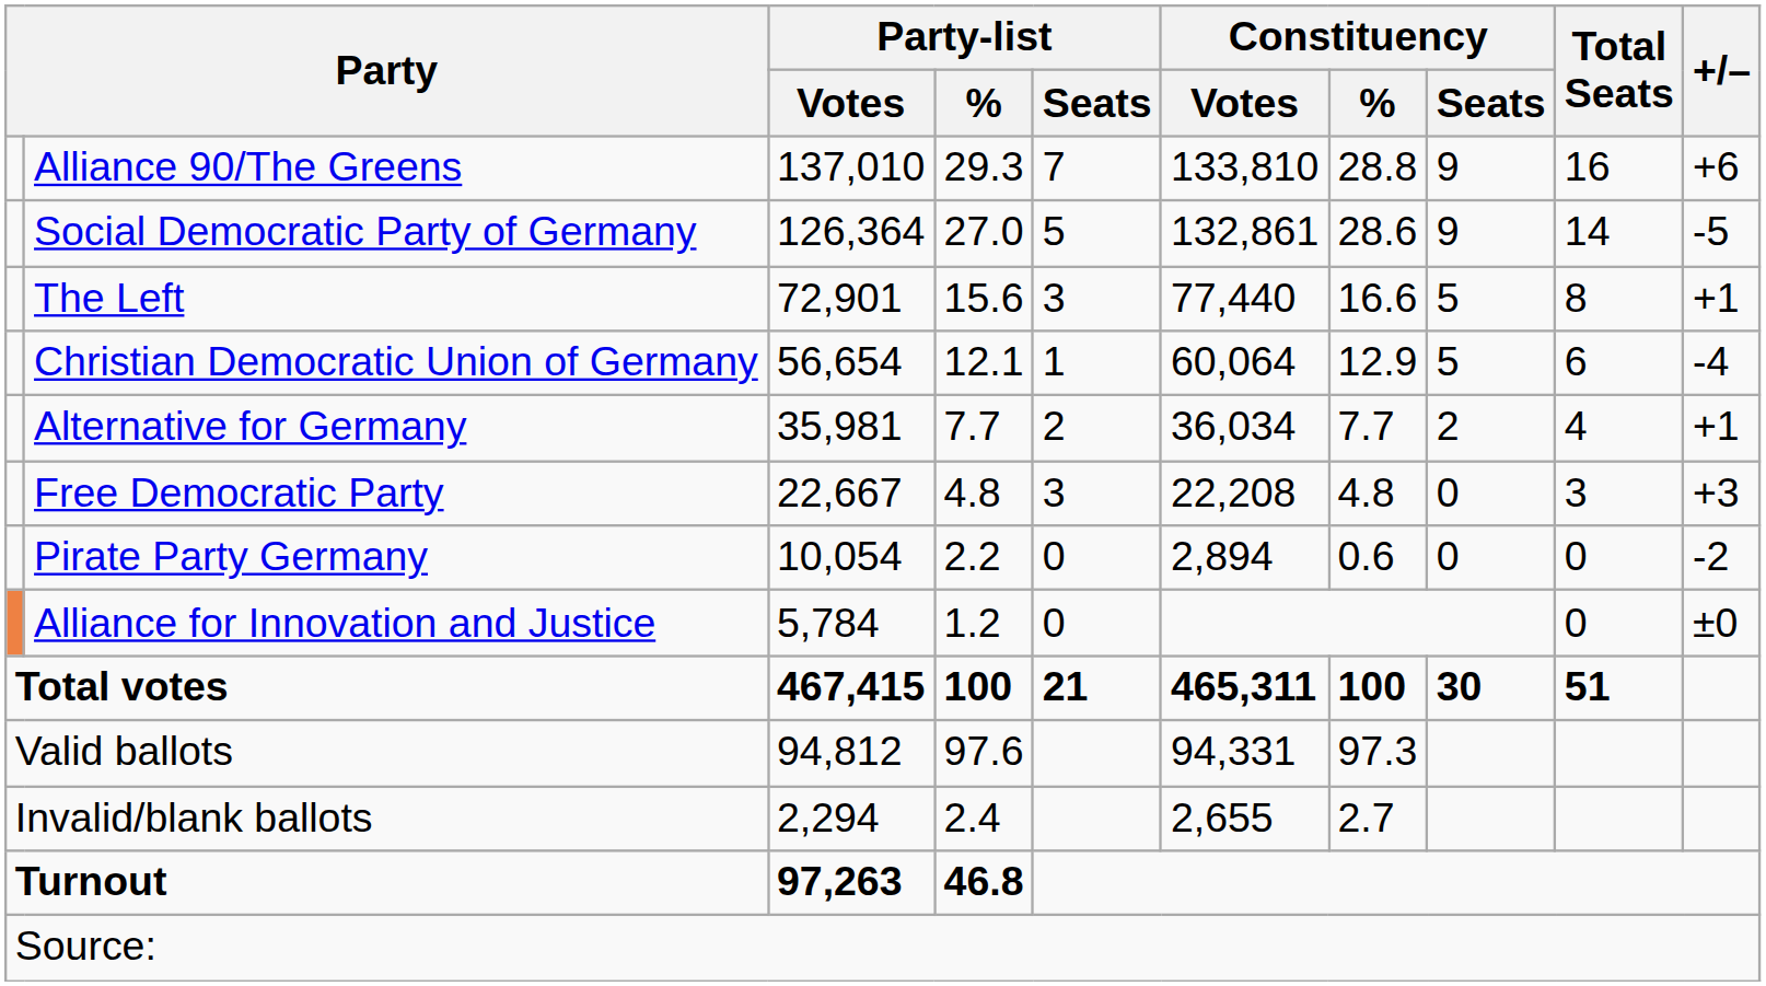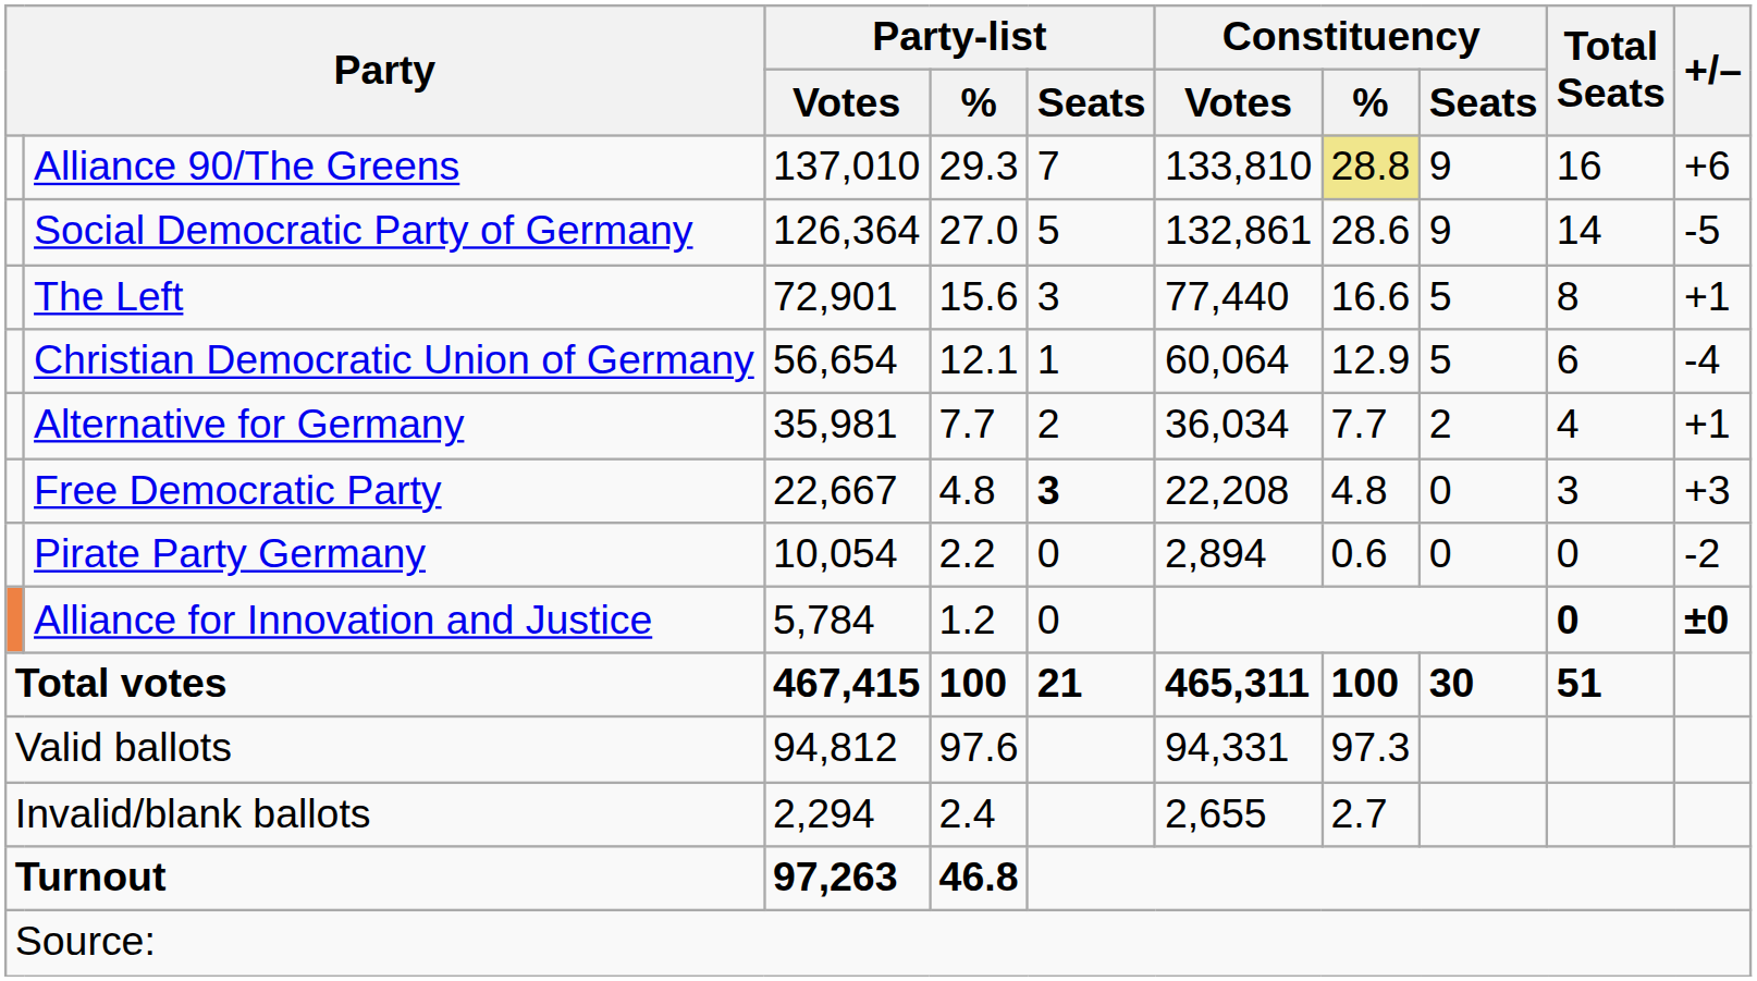 <table class="wikitable">
 <tr>
 <th colspan="2" rowspan="2">Party</th>
 <th colspan="3"><strong>Party-list</strong></th>
 <th colspan="3"><strong>Constituency</strong></th>
 <th rowspan="2">Total<br>Seats</th>
 <th rowspan="2">+/–</th>
 </tr>
 <tr>
 <th>Votes</th>
 <th>%</th>
 <th>Seats</th>
 <th>Votes</th>
 <th>%</th>
 <th>Seats</th>
 </tr>
 <tr>
 <td></td>
 <td><a href='#'>Alliance 90/The Greens</a></td>
 <td>137,010</td>
 <td>29.3</td>
 <td>7</td>
 <td>133,810</td>
-<td>28.8</td>
+<td style="background: khaki;">28.8</td>
 <td>9</td>
 <td>16</td>
 <td>+6</td>
 </tr>
 <tr>
 <td></td>
 <td><a href='#'>Social Democratic Party of Germany</a></td>
 <td>126,364</td>
 <td>27.0</td>
 <td>5</td>
 <td>132,861</td>
 <td>28.6</td>
 <td>9</td>
 <td>14</td>
 <td>-5</td>
 </tr>
 <tr>
 <td></td>
 <td><a href='#'>The Left</a></td>
 <td>72,901</td>
 <td>15.6</td>
 <td>3</td>
 <td>77,440</td>
 <td>16.6</td>
 <td>5</td>
 <td>8</td>
 <td>+1</td>
 </tr>
 <tr>
 <td></td>
 <td><a href='#'>Christian Democratic Union of Germany</a></td>
 <td>56,654</td>
 <td>12.1</td>
 <td>1</td>
 <td>60,064</td>
 <td>12.9</td>
 <td>5</td>
 <td>6</td>
 <td>-4</td>
 </tr>
 <tr>
 <td></td>
 <td><a href='#'>Alternative for Germany</a></td>
 <td>35,981</td>
 <td>7.7</td>
 <td>2</td>
 <td>36,034</td>
 <td>7.7</td>
 <td>2</td>
 <td>4</td>
 <td>+1</td>
 </tr>
 <tr>
 <td></td>
 <td><a href='#'>Free Democratic Party</a></td>
 <td>22,667</td>
 <td>4.8</td>
-<td>3</td>
+<td><strong>3</strong></td>
 <td>22,208</td>
 <td>4.8</td>
 <td>0</td>
 <td>3</td>
 <td>+3</td>
 </tr>
 <tr>
 <td></td>
 <td><a href='#'>Pirate Party Germany</a></td>
 <td>10,054</td>
 <td>2.2</td>
 <td>0</td>
 <td>2,894</td>
 <td>0.6</td>
 <td>0</td>
 <td>0</td>
 <td>-2</td>
 </tr>
 <tr>
 <td bgcolor="#EE8143"></td>
 <td><a href='#'>Alliance for Innovation and Justice</a></td>
 <td>5,784</td>
 <td>1.2</td>
 <td>0</td>
 <td colspan="3"></td>
-<td>0</td>
-<td>±0</td>
+<td><strong>0</strong></td>
+<td><strong>±0</strong></td>
 </tr>
 <tr>
 <td colspan="2"><strong>Total votes</strong></td>
 <td><strong>467,415</strong></td>
 <td><strong>100</strong></td>
 <td><strong>21</strong></td>
 <td><strong>465,311</strong></td>
 <td><strong>100</strong></td>
 <td><strong>30</strong></td>
 <td><strong>51</strong></td>
 <td></td>
 </tr>
 <tr>
 <td colspan="2">Valid ballots</td>
 <td>94,812</td>
 <td>97.6</td>
 <td></td>
 <td>94,331</td>
 <td>97.3</td>
 <td></td>
 <td></td>
 <td></td>
 </tr>
 <tr>
 <td colspan="2">Invalid/blank ballots</td>
 <td>2,294</td>
 <td>2.4</td>
 <td></td>
 <td>2,655</td>
 <td>2.7</td>
 <td></td>
 <td></td>
 <td></td>
 </tr>
 <tr>
 <td colspan="2"><strong>Turnout</strong></td>
 <td><strong>97,263</strong></td>
 <td><strong>46.8</strong></td>
 <td colspan="6"></td>
 </tr>
 <tr>
 <td colspan="10">Source: </td>
 </tr>
 </table>
